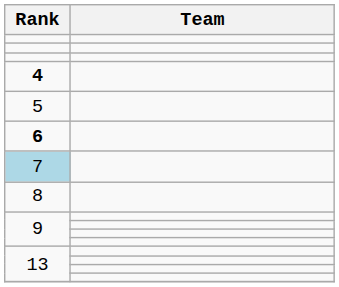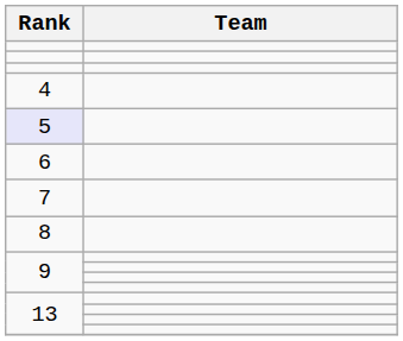 <table class="wikitable" style="text-align: center;">
 <tr>
 <th width=40>Rank</th>
 <th width=180>Team</th>
 </tr>
 <tr align=center>
 <td></td>
 <td style="text-align:left;"></td>
 </tr>
 <tr align=center>
 <td></td>
 <td style="text-align:left;"></td>
 </tr>
 <tr align=center>
 <td></td>
 <td style="text-align:left;"></td>
 </tr>
 <tr align=center>
-<td><strong>4</strong></td>
+<td>4</td>
 <td style="text-align:left;"></td>
 </tr>
 <tr align=center>
-<td>5</td>
+<td style="background: lavender;">5</td>
 <td style="text-align:left;"></td>
 </tr>
 <tr align=center>
-<td><strong>6</strong></td>
+<td>6</td>
 <td style="text-align:left;"></td>
 </tr>
 <tr align=center>
-<td style="background: lightblue;">7</td>
+<td>7</td>
 <td style="text-align:left;"></td>
 </tr>
 <tr align=center>
 <td>8</td>
 <td style="text-align:left;"></td>
 </tr>
 <tr align=center>
 <td rowspan=4>9</td>
 <td style="text-align:left;"></td>
 </tr>
 <tr align=center>
 <td style="text-align:left;"></td>
 </tr>
 <tr align=center>
 <td style="text-align:left;"></td>
 </tr>
 <tr align=center>
 <td style="text-align:left;"></td>
 </tr>
 <tr align=center>
 <td rowspan=4>13</td>
 <td style="text-align:left;"></td>
 </tr>
 <tr align=center>
 <td style="text-align:left;"></td>
 </tr>
 <tr align=center>
 <td style="text-align:left;"></td>
 </tr>
 <tr align=center>
 <td style="text-align:left;"></td>
 </tr>
 <tr>
 </tr>
 </table>
